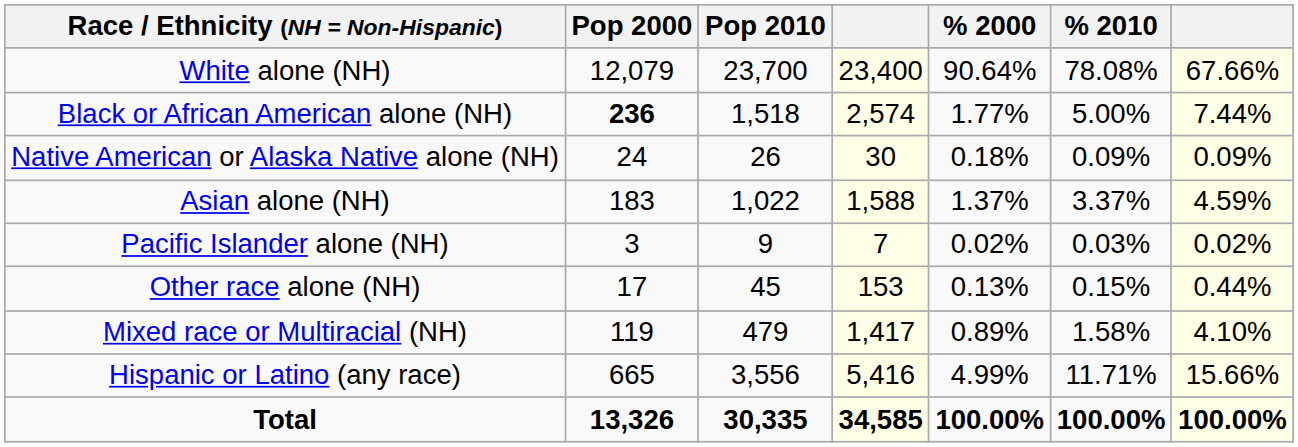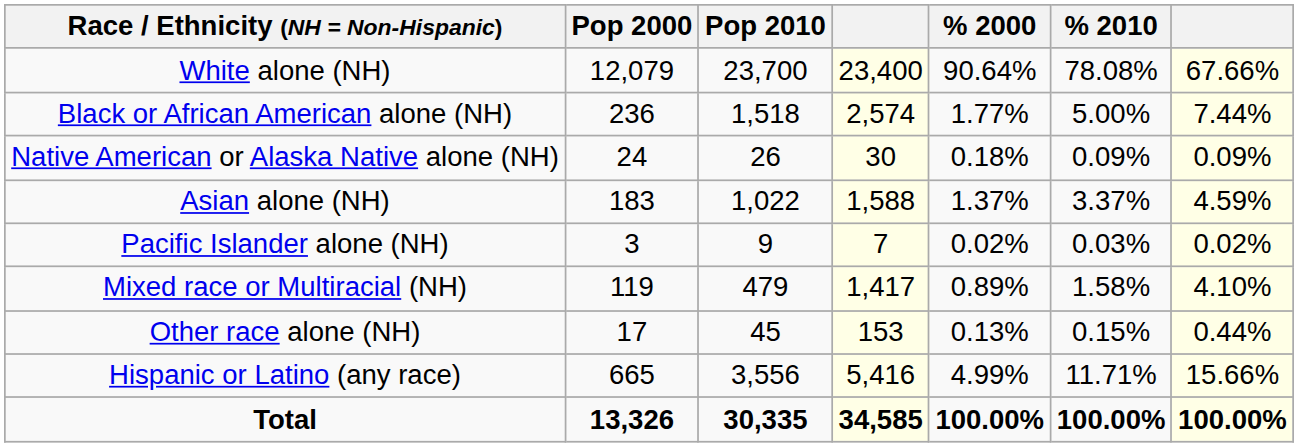 <table class="wikitable" style="text-align:center;">
 <tr>
 <th>Race / Ethnicity <small>(<em>NH = Non-Hispanic</em>)</small></th>
 <th>Pop 2000</th>
 <th>Pop 2010</th>
 <th></th>
 <th>% 2000</th>
 <th>% 2010</th>
 <th></th>
 </tr>
 <tr>
 <td><a href='#'>White</a> alone (NH)</td>
 <td>12,079</td>
 <td>23,700</td>
 <td style='background: #ffffe6;'>23,400</td>
 <td>90.64%</td>
 <td>78.08%</td>
 <td style='background: #ffffe6;'>67.66%</td>
 </tr>
 <tr>
 <td><a href='#'>Black or African American</a> alone (NH)</td>
-<td><strong>236</strong></td>
+<td>236</td>
 <td>1,518</td>
 <td style='background: #ffffe6;'>2,574</td>
 <td>1.77%</td>
 <td>5.00%</td>
 <td style='background: #ffffe6;'>7.44%</td>
 </tr>
 <tr>
 <td><a href='#'>Native American</a> or <a href='#'>Alaska Native</a> alone (NH)</td>
 <td>24</td>
 <td>26</td>
 <td style='background: #ffffe6;'>30</td>
 <td>0.18%</td>
 <td>0.09%</td>
 <td style='background: #ffffe6;'>0.09%</td>
 </tr>
 <tr>
 <td><a href='#'>Asian</a> alone (NH)</td>
 <td>183</td>
 <td>1,022</td>
 <td style='background: #ffffe6;'>1,588</td>
 <td>1.37%</td>
 <td>3.37%</td>
 <td style='background: #ffffe6;'>4.59%</td>
 </tr>
 <tr>
 <td><a href='#'>Pacific Islander</a> alone (NH)</td>
 <td>3</td>
 <td>9</td>
 <td style='background: #ffffe6;'>7</td>
 <td>0.02%</td>
 <td>0.03%</td>
 <td style='background: #ffffe6;'>0.02%</td>
 </tr>
 <tr>
+<td><a href='#'>Mixed race or Multiracial</a> (NH)</td>
+<td>119</td>
+<td>479</td>
+<td style='background: #ffffe6;'>1,417</td>
+<td>0.89%</td>
+<td>1.58%</td>
+<td style='background: #ffffe6;'>4.10%</td>
+</tr>
+<tr>
 <td><a href='#'>Other race</a> alone (NH)</td>
 <td>17</td>
 <td>45</td>
 <td style='background: #ffffe6;'>153</td>
 <td>0.13%</td>
 <td>0.15%</td>
 <td style='background: #ffffe6;'>0.44%</td>
-</tr>
-<tr>
-<td><a href='#'>Mixed race or Multiracial</a> (NH)</td>
-<td>119</td>
-<td>479</td>
-<td style='background: #ffffe6;'>1,417</td>
-<td>0.89%</td>
-<td>1.58%</td>
-<td style='background: #ffffe6;'>4.10%</td>
 </tr>
 <tr>
 <td><a href='#'>Hispanic or Latino</a> (any race)</td>
 <td>665</td>
 <td>3,556</td>
 <td style='background: #ffffe6;'>5,416</td>
 <td>4.99%</td>
 <td>11.71%</td>
 <td style='background: #ffffe6;'>15.66%</td>
 </tr>
 <tr>
 <td><strong>Total</strong></td>
 <td><strong>13,326</strong></td>
 <td><strong>30,335</strong></td>
 <td style='background: #ffffe6;'><strong>34,585</strong></td>
 <td><strong>100.00%</strong></td>
 <td><strong>100.00%</strong></td>
 <td style='background: #ffffe6;'><strong>100.00%</strong></td>
 </tr>
 </table>
